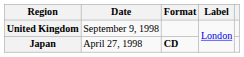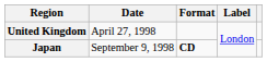 <table class="wikitable plainrowheaders">
 <tr>
 <th scope="col">Region</th>
 <th scope="col">Date</th>
 <th scope="col">Format</th>
 <th scope="col">Label</th>
 <th scope="col"></th>
 </tr>
 <tr>
 <th scope="row">United Kingdom</th>
-<td>September 9, 1998</td>
+<td>April 27, 1998</td>
 <td></td>
 <td rowspan="2"><a href='#'>London</a></td>
 <td></td>
 </tr>
 <tr>
 <th scope="row">Japan</th>
-<td>April 27, 1998</td>
+<td>September 9, 1998</td>
 <td><strong>CD</strong></td>
 <td></td>
 </tr>
 </table>
